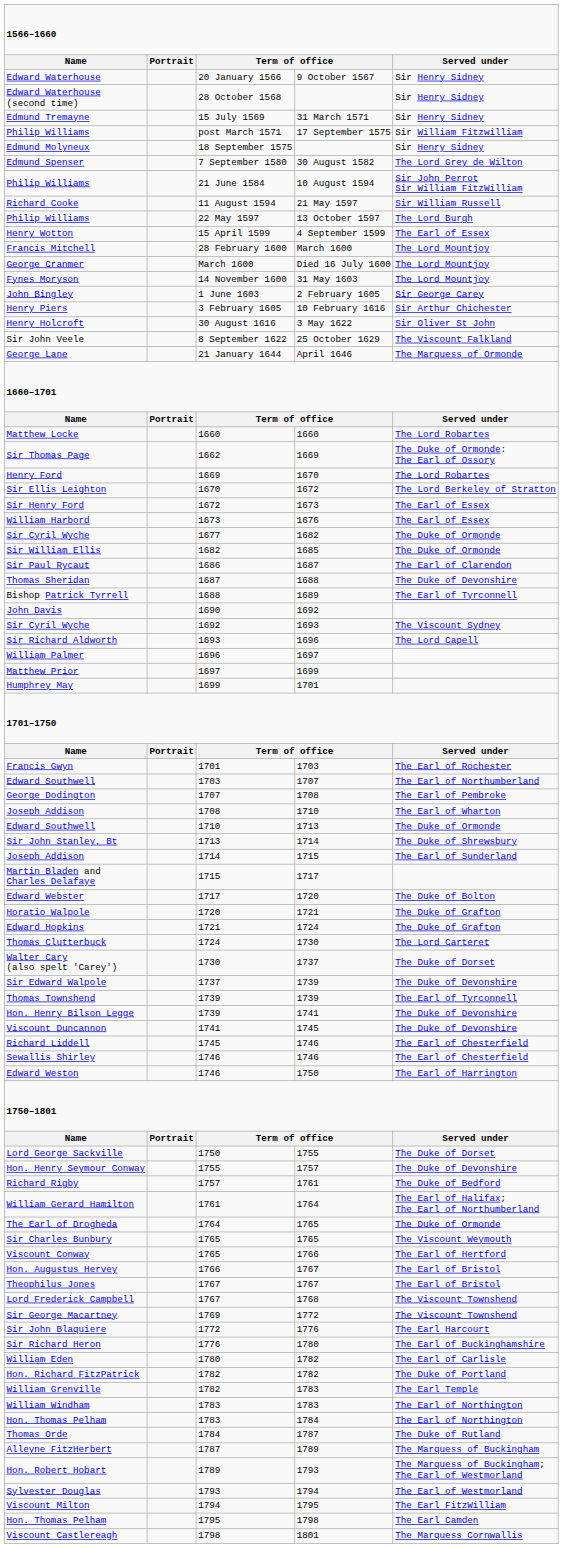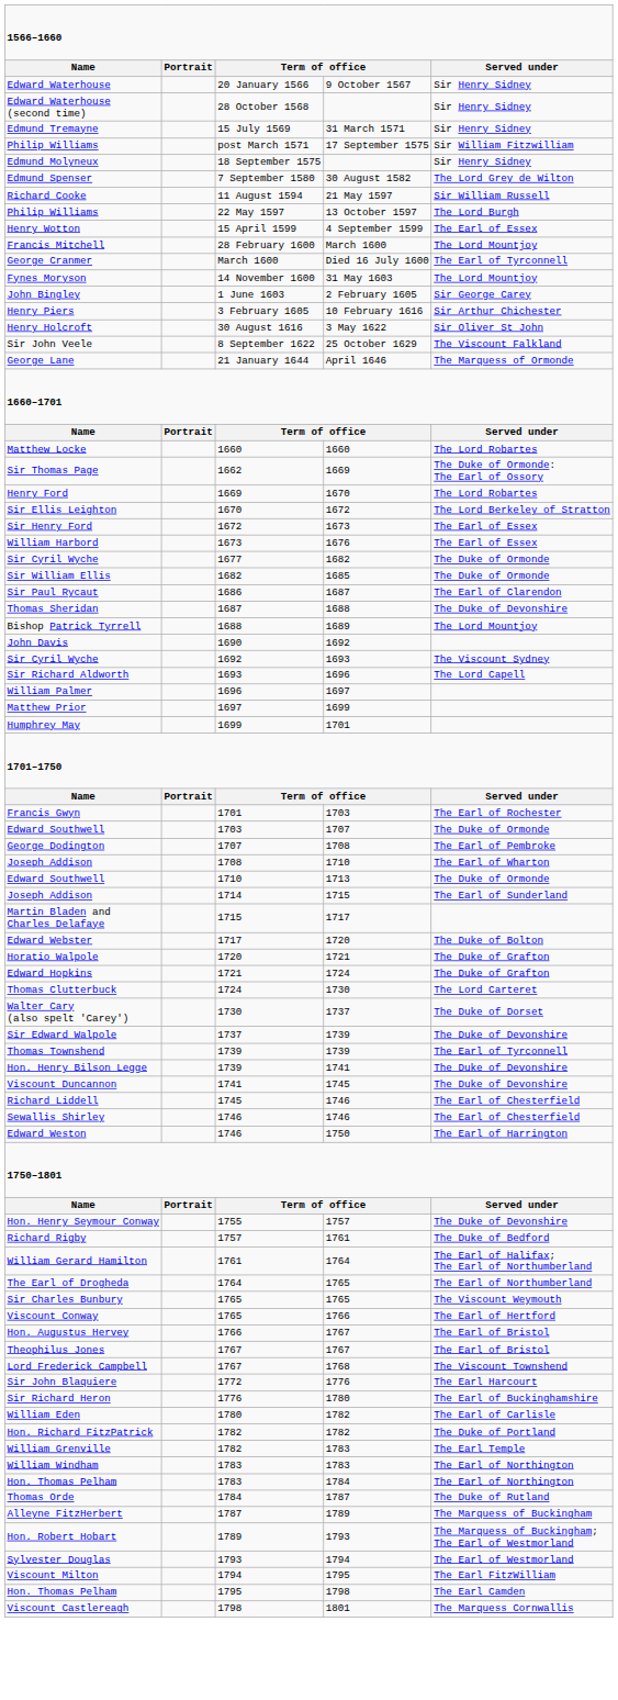 <table class="wikitable">
 <tr>
 <td colspan=5><br><h4>1566–1660</h4></td>
 </tr>
 <tr>
 <th>Name</th>
 <th>Portrait</th>
 <th colspan=2>Term of office</th>
 <th>Served under</th>
 </tr>
 <tr>
 <td><a href='#'>Edward Waterhouse</a></td>
 <td></td>
 <td>20 January 1566</td>
 <td>9 October 1567</td>
 <td>Sir <a href='#'>Henry Sidney</a></td>
 </tr>
 <tr>
 <td><a href='#'>Edward Waterhouse</a><br>(second time)</td>
 <td></td>
 <td>28 October 1568</td>
 <td></td>
 <td>Sir <a href='#'>Henry Sidney</a></td>
 </tr>
 <tr>
 <td><a href='#'>Edmund Tremayne</a></td>
 <td></td>
 <td>15 July 1569</td>
 <td>31 March 1571</td>
 <td>Sir <a href='#'>Henry Sidney</a></td>
 </tr>
 <tr>
 <td><a href='#'>Philip Williams</a></td>
 <td></td>
 <td>post March 1571</td>
 <td>17 September 1575</td>
 <td>Sir <a href='#'>William Fitzwilliam</a></td>
 </tr>
 <tr>
 <td><a href='#'>Edmund Molyneux</a></td>
 <td></td>
 <td>18 September 1575</td>
 <td></td>
 <td>Sir <a href='#'>Henry Sidney</a></td>
 </tr>
 <tr>
 <td><a href='#'>Edmund Spenser</a></td>
 <td></td>
 <td>7 September 1580</td>
 <td>30 August 1582</td>
 <td><a href='#'>The Lord Grey de Wilton</a></td>
 </tr>
 <tr>
-<td><a href='#'>Philip Williams</a></td>
-<td></td>
-<td>21 June 1584</td>
-<td>10 August 1594</td>
-<td><a href='#'>Sir John Perrot</a><br><a href='#'>Sir William FitzWilliam</a></td>
-</tr>
-<tr>
 <td><a href='#'>Richard Cooke</a></td>
 <td></td>
 <td>11 August 1594</td>
 <td>21 May 1597</td>
 <td><a href='#'>Sir William Russell</a></td>
 </tr>
 <tr>
 <td><a href='#'>Philip Williams</a></td>
 <td></td>
 <td>22 May 1597</td>
 <td>13 October 1597</td>
 <td><a href='#'>The Lord Burgh</a></td>
 </tr>
 <tr>
 <td><a href='#'>Henry Wotton</a></td>
 <td></td>
 <td>15 April 1599</td>
 <td>4 September 1599</td>
 <td><a href='#'>The Earl of Essex</a></td>
 </tr>
 <tr>
 <td><a href='#'>Francis Mitchell</a></td>
 <td></td>
 <td>28 February 1600</td>
 <td>March 1600</td>
 <td><a href='#'>The Lord Mountjoy</a></td>
 </tr>
 <tr>
 <td><a href='#'>George Cranmer</a></td>
 <td></td>
 <td>March 1600</td>
 <td>Died 16 July 1600</td>
-<td><a href='#'>The Lord Mountjoy</a></td>
+<td><a href='#'>The Earl of Tyrconnell</a></td>
 </tr>
 <tr>
 <td><a href='#'>Fynes Moryson</a></td>
 <td></td>
 <td>14 November 1600</td>
 <td>31 May 1603</td>
 <td><a href='#'>The Lord Mountjoy</a></td>
 </tr>
 <tr>
 <td><a href='#'>John Bingley</a></td>
 <td></td>
 <td>1 June 1603</td>
 <td>2 February 1605</td>
 <td><a href='#'>Sir George Carey</a></td>
 </tr>
 <tr>
 <td><a href='#'>Henry Piers</a></td>
 <td></td>
 <td>3 February 1605</td>
 <td>10 February 1616</td>
 <td><a href='#'>Sir Arthur Chichester</a></td>
 </tr>
 <tr>
 <td><a href='#'>Henry Holcroft</a></td>
 <td></td>
 <td>30 August 1616</td>
 <td>3 May 1622</td>
 <td><a href='#'>Sir Oliver St John</a></td>
 </tr>
 <tr>
 <td>Sir John Veele</td>
 <td></td>
 <td>8 September 1622</td>
 <td>25 October 1629</td>
 <td><a href='#'>The Viscount Falkland</a></td>
 </tr>
 <tr>
 <td><a href='#'>George Lane</a></td>
 <td></td>
 <td>21 January 1644</td>
 <td>April 1646</td>
 <td><a href='#'>The Marquess of Ormonde</a></td>
 </tr>
 <tr>
 <td colspan=5><br><h4>1660–1701</h4></td>
 </tr>
 <tr>
 <th>Name</th>
 <th>Portrait</th>
 <th colspan=2>Term of office</th>
 <th>Served under</th>
 </tr>
 <tr>
 <td><a href='#'>Matthew Locke</a></td>
 <td></td>
 <td>1660</td>
 <td>1660</td>
 <td><a href='#'>The Lord Robartes</a></td>
 </tr>
 <tr>
 <td><a href='#'>Sir Thomas Page</a></td>
 <td></td>
 <td>1662</td>
 <td>1669</td>
 <td><a href='#'>The Duke of Ormonde</a>:<br><a href='#'>The Earl of Ossory</a></td>
 </tr>
 <tr>
 <td><a href='#'>Henry Ford</a></td>
 <td></td>
 <td>1669</td>
 <td>1670</td>
 <td><a href='#'>The Lord Robartes</a></td>
 </tr>
 <tr>
 <td><a href='#'>Sir Ellis Leighton</a></td>
 <td></td>
 <td>1670</td>
 <td>1672</td>
 <td><a href='#'>The Lord Berkeley of Stratton</a></td>
 </tr>
 <tr>
 <td><a href='#'>Sir Henry Ford</a></td>
 <td></td>
 <td>1672</td>
 <td>1673</td>
 <td><a href='#'>The Earl of Essex</a></td>
 </tr>
 <tr>
 <td><a href='#'>William Harbord</a></td>
 <td></td>
 <td>1673</td>
 <td>1676</td>
 <td><a href='#'>The Earl of Essex</a></td>
 </tr>
 <tr>
 <td><a href='#'>Sir Cyril Wyche</a></td>
 <td></td>
 <td>1677</td>
 <td>1682</td>
 <td><a href='#'>The Duke of Ormonde</a></td>
 </tr>
 <tr>
 <td><a href='#'>Sir William Ellis</a></td>
 <td></td>
 <td>1682</td>
 <td>1685</td>
 <td><a href='#'>The Duke of Ormonde</a></td>
 </tr>
 <tr>
 <td><a href='#'>Sir Paul Rycaut</a></td>
 <td></td>
 <td>1686</td>
 <td>1687</td>
 <td><a href='#'>The Earl of Clarendon</a></td>
 </tr>
 <tr>
 <td><a href='#'>Thomas Sheridan</a></td>
 <td></td>
 <td>1687</td>
 <td>1688</td>
 <td><a href='#'>The Duke of Devonshire</a></td>
 </tr>
 <tr>
 <td>Bishop <a href='#'>Patrick Tyrrell</a></td>
 <td></td>
 <td>1688</td>
 <td>1689</td>
-<td><a href='#'>The Earl of Tyrconnell</a></td>
+<td><a href='#'>The Lord Mountjoy</a></td>
 </tr>
 <tr>
 <td><a href='#'>John Davis</a></td>
 <td></td>
 <td>1690</td>
 <td>1692</td>
 <td></td>
 </tr>
 <tr>
 <td><a href='#'>Sir Cyril Wyche</a></td>
 <td></td>
 <td>1692</td>
 <td>1693</td>
 <td><a href='#'>The Viscount Sydney</a></td>
 </tr>
 <tr>
 <td><a href='#'>Sir Richard Aldworth</a></td>
 <td></td>
 <td>1693</td>
 <td>1696</td>
 <td><a href='#'>The Lord Capell</a></td>
 </tr>
 <tr>
 <td><a href='#'>William Palmer</a></td>
 <td></td>
 <td>1696</td>
 <td>1697</td>
 <td></td>
 </tr>
 <tr>
 <td><a href='#'>Matthew Prior</a></td>
 <td></td>
 <td>1697</td>
 <td>1699</td>
 <td></td>
 </tr>
 <tr>
 <td><a href='#'>Humphrey May</a></td>
 <td></td>
 <td>1699</td>
 <td>1701</td>
 <td></td>
 </tr>
 <tr>
 <td colspan=5><br><h4>1701–1750</h4></td>
 </tr>
 <tr>
 <th>Name</th>
 <th>Portrait</th>
 <th colspan=2>Term of office</th>
 <th>Served under</th>
 </tr>
 <tr>
 <td><a href='#'>Francis Gwyn</a></td>
 <td></td>
 <td>1701</td>
 <td>1703</td>
 <td><a href='#'>The Earl of Rochester</a></td>
 </tr>
 <tr>
 <td><a href='#'>Edward Southwell</a></td>
 <td></td>
 <td>1703</td>
 <td>1707</td>
-<td><a href='#'>The Earl of Northumberland</a></td>
+<td><a href='#'>The Duke of Ormonde</a></td>
 </tr>
 <tr>
 <td><a href='#'>George Dodington</a></td>
 <td></td>
 <td>1707</td>
 <td>1708</td>
 <td><a href='#'>The Earl of Pembroke</a></td>
 </tr>
 <tr>
 <td><a href='#'>Joseph Addison</a></td>
 <td></td>
 <td>1708</td>
 <td>1710</td>
 <td><a href='#'>The Earl of Wharton</a></td>
 </tr>
 <tr>
 <td><a href='#'>Edward Southwell</a></td>
 <td></td>
 <td>1710</td>
 <td>1713</td>
 <td><a href='#'>The Duke of Ormonde</a></td>
-</tr>
-<tr>
-<td><a href='#'>Sir John Stanley, Bt</a></td>
-<td></td>
-<td>1713</td>
-<td>1714</td>
-<td><a href='#'>The Duke of Shrewsbury</a></td>
 </tr>
 <tr>
 <td><a href='#'>Joseph Addison</a></td>
 <td></td>
 <td>1714</td>
 <td>1715</td>
 <td><a href='#'>The Earl of Sunderland</a></td>
 </tr>
 <tr>
 <td><a href='#'>Martin Bladen</a> and<br> <a href='#'>Charles Delafaye</a></td>
 <td></td>
 <td>1715</td>
 <td>1717</td>
 <td></td>
 </tr>
 <tr>
 <td><a href='#'>Edward Webster</a></td>
 <td></td>
 <td>1717</td>
 <td>1720</td>
 <td><a href='#'>The Duke of Bolton</a></td>
 </tr>
 <tr>
 <td><a href='#'>Horatio Walpole</a></td>
 <td></td>
 <td>1720</td>
 <td>1721</td>
 <td><a href='#'>The Duke of Grafton</a></td>
 </tr>
 <tr>
 <td><a href='#'>Edward Hopkins</a></td>
 <td></td>
 <td>1721</td>
 <td>1724</td>
 <td><a href='#'>The Duke of Grafton</a></td>
 </tr>
 <tr>
 <td><a href='#'>Thomas Clutterbuck</a></td>
 <td></td>
 <td>1724</td>
 <td>1730</td>
 <td><a href='#'>The Lord Carteret</a></td>
 </tr>
 <tr>
 <td><a href='#'>Walter Cary</a><br>(also spelt 'Carey')</td>
 <td></td>
 <td>1730</td>
 <td>1737</td>
 <td><a href='#'>The Duke of Dorset</a></td>
 </tr>
 <tr>
 <td><a href='#'>Sir Edward Walpole</a></td>
 <td></td>
 <td>1737</td>
 <td>1739</td>
 <td><a href='#'>The Duke of Devonshire</a></td>
 </tr>
 <tr>
 <td><a href='#'>Thomas Townshend</a></td>
 <td></td>
 <td>1739</td>
 <td>1739</td>
 <td><a href='#'>The Earl of Tyrconnell</a></td>
 </tr>
 <tr>
 <td><a href='#'>Hon. Henry Bilson Legge</a></td>
 <td></td>
 <td>1739</td>
 <td>1741</td>
 <td><a href='#'>The Duke of Devonshire</a></td>
 </tr>
 <tr>
 <td><a href='#'>Viscount Duncannon</a></td>
 <td></td>
 <td>1741</td>
 <td>1745</td>
 <td><a href='#'>The Duke of Devonshire</a></td>
 </tr>
 <tr>
 <td><a href='#'>Richard Liddell</a></td>
 <td></td>
 <td>1745</td>
 <td>1746</td>
 <td><a href='#'>The Earl of Chesterfield</a></td>
 </tr>
 <tr>
 <td><a href='#'>Sewallis Shirley</a></td>
 <td></td>
 <td>1746</td>
 <td>1746</td>
 <td><a href='#'>The Earl of Chesterfield</a></td>
 </tr>
 <tr>
 <td><a href='#'>Edward Weston</a></td>
 <td></td>
 <td>1746</td>
 <td>1750</td>
 <td><a href='#'>The Earl of Harrington</a></td>
 </tr>
 <tr>
 <td colspan=5><br><h4>1750–1801</h4></td>
 </tr>
 <tr>
 <th>Name</th>
 <th>Portrait</th>
 <th colspan=2>Term of office</th>
 <th>Served under</th>
 </tr>
 <tr>
-<td><a href='#'>Lord George Sackville</a></td>
-<td></td>
-<td>1750</td>
-<td>1755</td>
-<td><a href='#'>The Duke of Dorset</a></td>
-</tr>
-<tr>
 <td><a href='#'>Hon. Henry Seymour Conway</a></td>
 <td></td>
 <td>1755</td>
 <td>1757</td>
 <td><a href='#'>The Duke of Devonshire</a></td>
 </tr>
 <tr>
 <td><a href='#'>Richard Rigby</a></td>
 <td></td>
 <td>1757</td>
 <td>1761</td>
 <td><a href='#'>The Duke of Bedford</a></td>
 </tr>
 <tr>
 <td><a href='#'>William Gerard Hamilton</a></td>
 <td></td>
 <td>1761</td>
 <td>1764</td>
 <td><a href='#'>The Earl of Halifax</a>;<br> <a href='#'>The Earl of Northumberland</a></td>
 </tr>
 <tr>
 <td><a href='#'>The Earl of Drogheda</a></td>
 <td></td>
 <td>1764</td>
 <td>1765</td>
-<td><a href='#'>The Duke of Ormonde</a></td>
+<td><a href='#'>The Earl of Northumberland</a></td>
 </tr>
 <tr>
 <td><a href='#'>Sir Charles Bunbury</a></td>
 <td></td>
 <td>1765</td>
 <td>1765</td>
 <td><a href='#'>The Viscount Weymouth</a></td>
 </tr>
 <tr>
 <td><a href='#'>Viscount Conway</a></td>
 <td></td>
 <td>1765</td>
 <td>1766</td>
 <td><a href='#'>The Earl of Hertford</a></td>
 </tr>
 <tr>
 <td><a href='#'>Hon. Augustus Hervey</a></td>
 <td></td>
 <td>1766</td>
 <td>1767</td>
 <td><a href='#'>The Earl of Bristol</a></td>
 </tr>
 <tr>
 <td><a href='#'>Theophilus Jones</a></td>
 <td></td>
 <td>1767</td>
 <td>1767</td>
 <td><a href='#'>The Earl of Bristol</a></td>
 </tr>
 <tr>
 <td><a href='#'>Lord Frederick Campbell</a></td>
 <td></td>
 <td>1767</td>
 <td>1768</td>
-<td><a href='#'>The Viscount Townshend</a></td>
-</tr>
-<tr>
-<td><a href='#'>Sir George Macartney</a></td>
-<td></td>
-<td>1769</td>
-<td>1772</td>
 <td><a href='#'>The Viscount Townshend</a></td>
 </tr>
 <tr>
 <td><a href='#'>Sir John Blaquiere</a></td>
 <td></td>
 <td>1772</td>
 <td>1776</td>
 <td><a href='#'>The Earl Harcourt</a></td>
 </tr>
 <tr>
 <td><a href='#'>Sir Richard Heron</a></td>
 <td></td>
 <td>1776</td>
 <td>1780</td>
 <td><a href='#'>The Earl of Buckinghamshire</a></td>
 </tr>
 <tr>
 <td><a href='#'>William Eden</a></td>
 <td></td>
 <td>1780</td>
 <td>1782</td>
 <td><a href='#'>The Earl of Carlisle</a></td>
 </tr>
 <tr>
 <td><a href='#'>Hon. Richard FitzPatrick</a></td>
 <td></td>
 <td>1782</td>
 <td>1782</td>
 <td><a href='#'>The Duke of Portland</a></td>
 </tr>
 <tr>
 <td><a href='#'>William Grenville</a></td>
 <td></td>
 <td>1782</td>
 <td>1783</td>
 <td><a href='#'>The Earl Temple</a></td>
 </tr>
 <tr>
 <td><a href='#'>William Windham</a></td>
 <td></td>
 <td>1783</td>
 <td>1783</td>
 <td><a href='#'>The Earl of Northington</a></td>
 </tr>
 <tr>
 <td><a href='#'>Hon. Thomas Pelham</a></td>
 <td></td>
 <td>1783</td>
 <td>1784</td>
 <td><a href='#'>The Earl of Northington</a></td>
 </tr>
 <tr>
 <td><a href='#'>Thomas Orde</a></td>
 <td></td>
 <td>1784</td>
 <td>1787</td>
 <td><a href='#'>The Duke of Rutland</a></td>
 </tr>
 <tr>
 <td><a href='#'>Alleyne FitzHerbert</a></td>
 <td></td>
 <td>1787</td>
 <td>1789</td>
 <td><a href='#'>The Marquess of Buckingham</a></td>
 </tr>
 <tr>
 <td><a href='#'>Hon. Robert Hobart</a></td>
 <td></td>
 <td>1789</td>
 <td>1793</td>
 <td><a href='#'>The Marquess of Buckingham</a>;<br> <a href='#'>The Earl of Westmorland</a></td>
 </tr>
 <tr>
 <td><a href='#'>Sylvester Douglas</a></td>
 <td></td>
 <td>1793</td>
 <td>1794</td>
 <td><a href='#'>The Earl of Westmorland</a></td>
 </tr>
 <tr>
 <td><a href='#'>Viscount Milton</a></td>
 <td></td>
 <td>1794</td>
 <td>1795</td>
 <td><a href='#'>The Earl FitzWilliam</a></td>
 </tr>
 <tr>
 <td><a href='#'>Hon. Thomas Pelham</a></td>
 <td></td>
 <td>1795</td>
 <td>1798</td>
 <td><a href='#'>The Earl Camden</a></td>
 </tr>
 <tr>
 <td><a href='#'>Viscount Castlereagh</a></td>
 <td></td>
 <td>1798</td>
 <td>1801</td>
 <td><a href='#'>The Marquess Cornwallis</a></td>
 </tr>
 </table>
